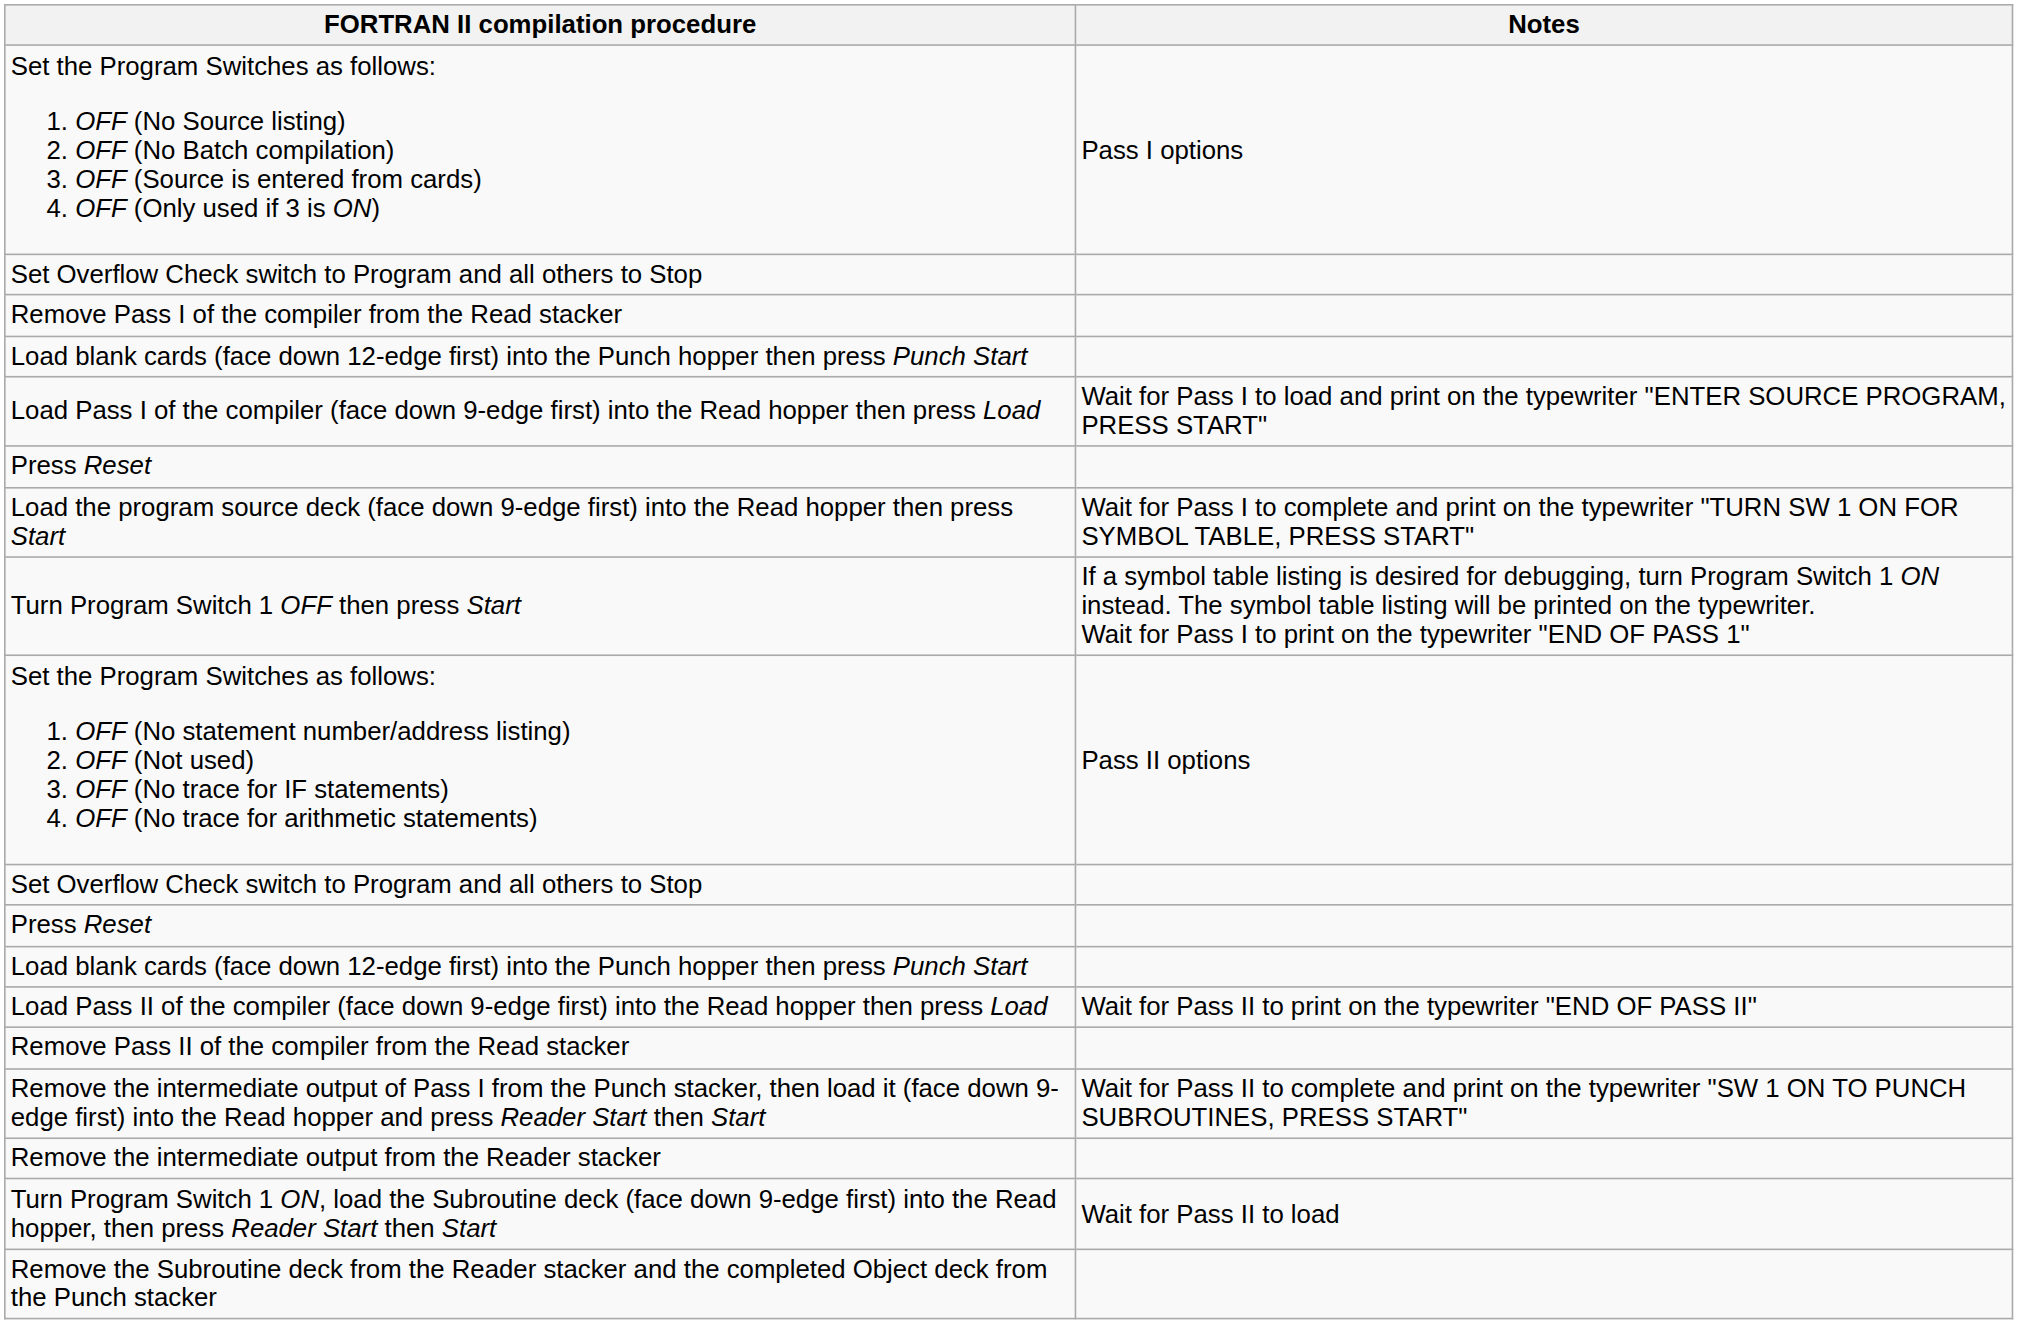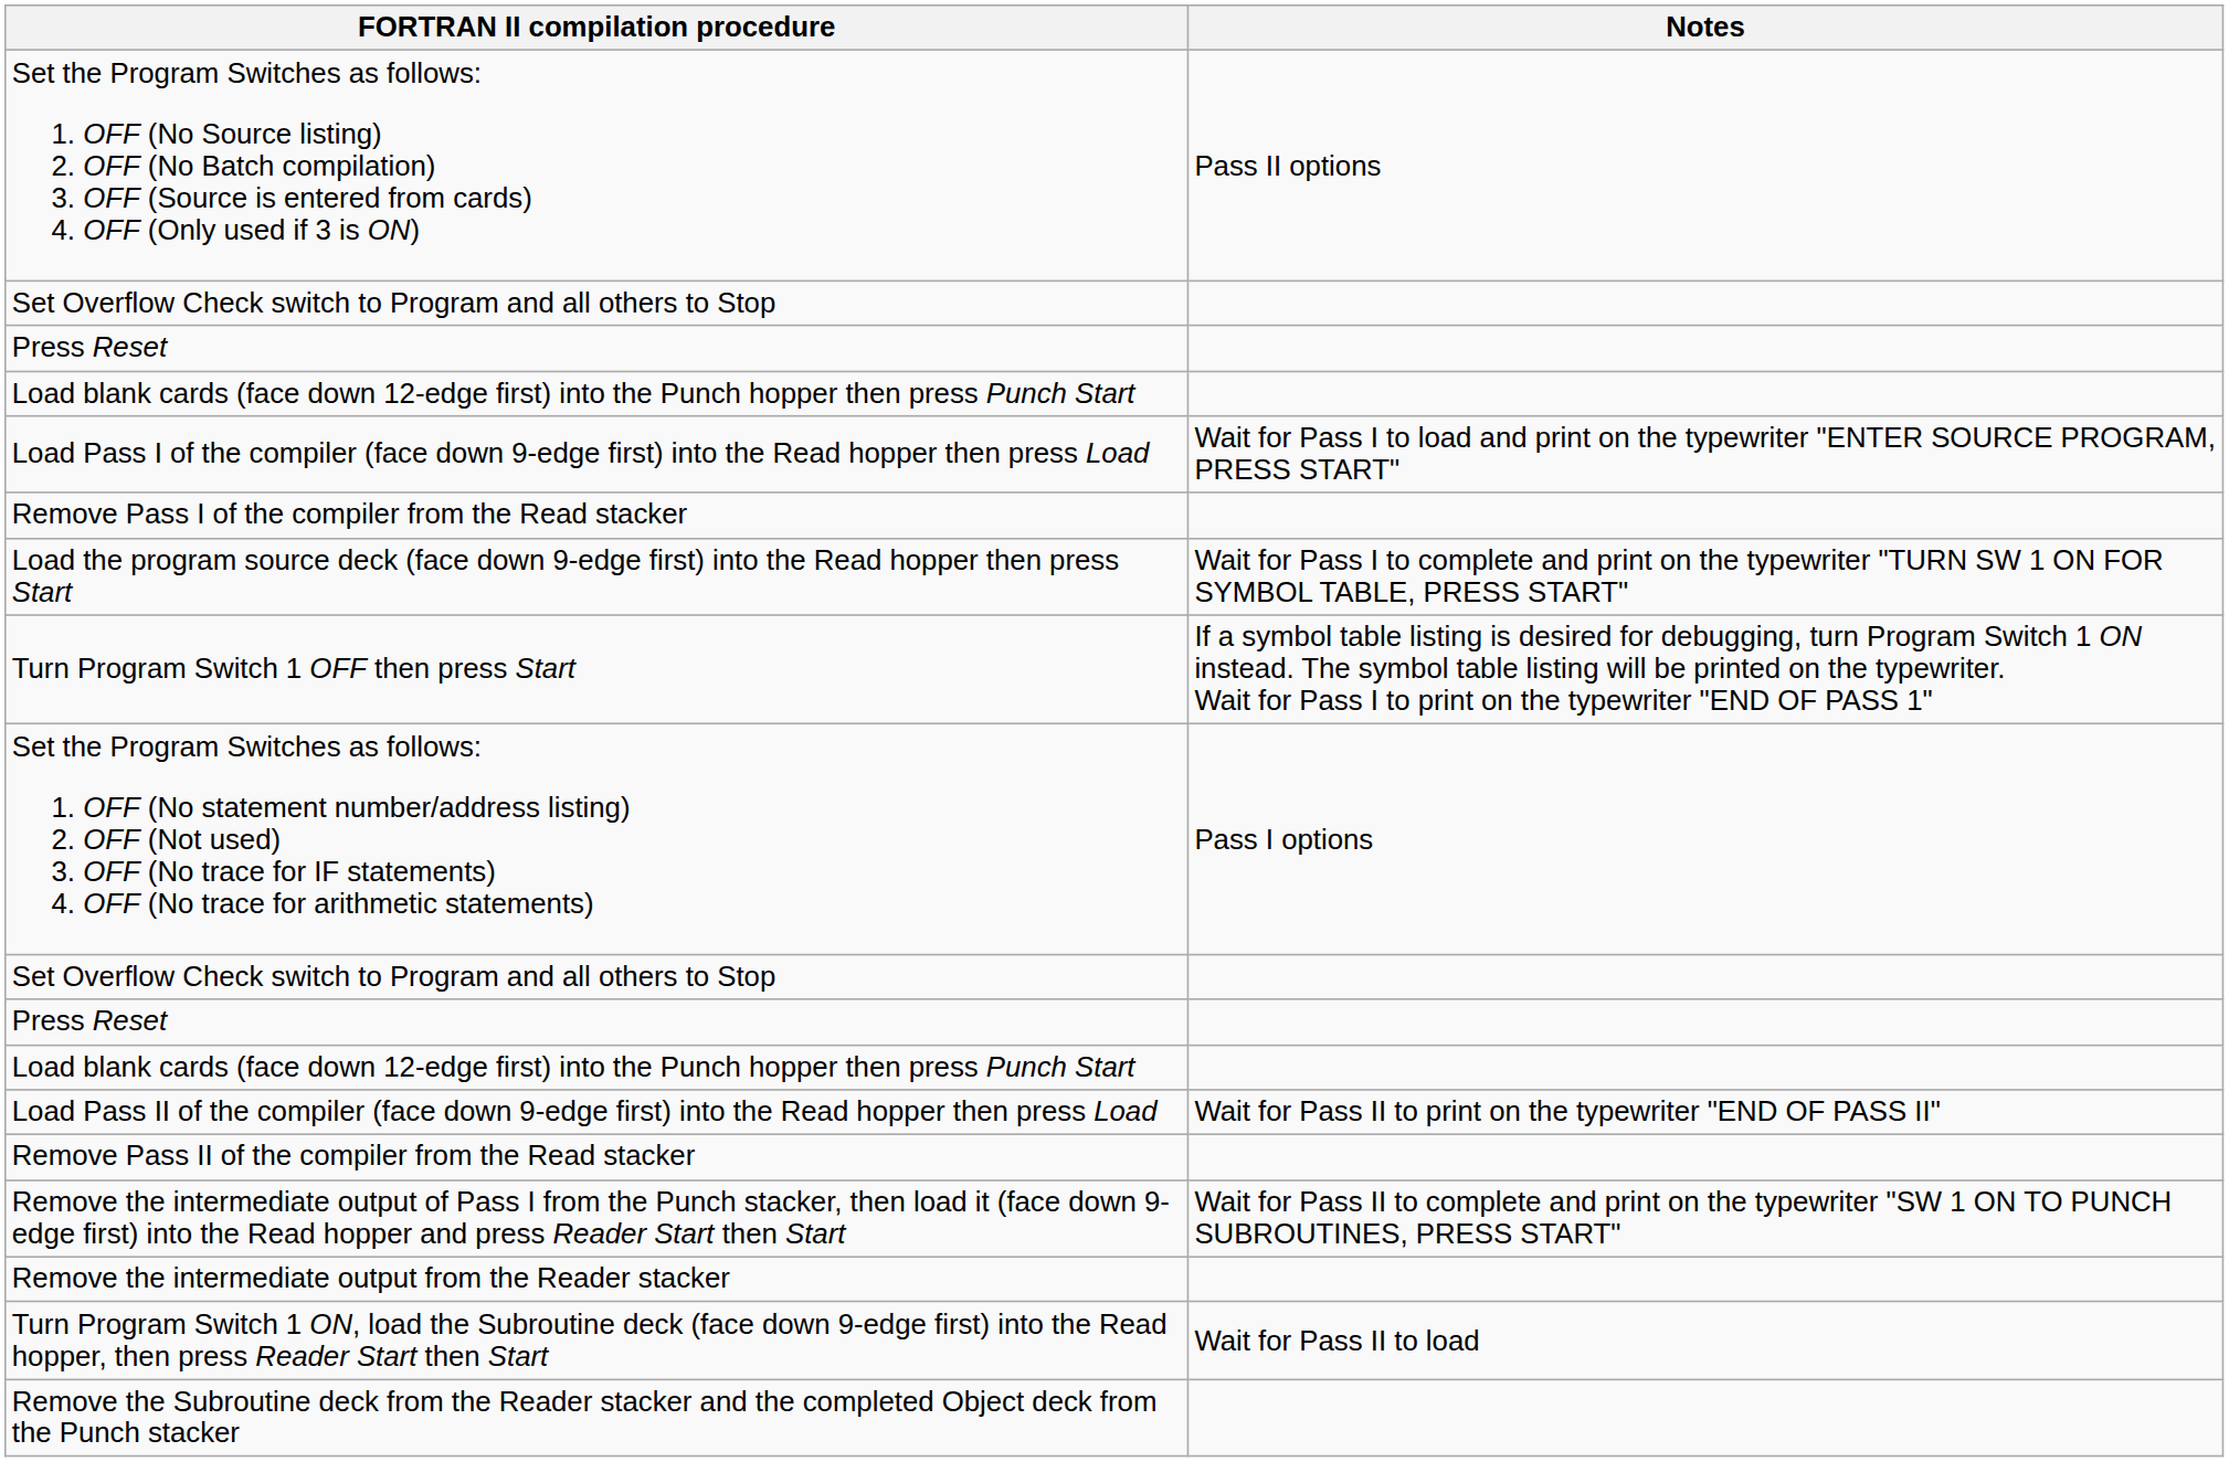 <table class="wikitable">
 <tr>
 <th>FORTRAN II compilation procedure</th>
 <th>Notes</th>
 </tr>
 <tr>
 <td>Set the Program Switches as follows:<br><ol><li><em>OFF</em> (No Source listing)</li><li><em>OFF</em> (No Batch compilation)</li><li><em>OFF</em> (Source is entered from cards)</li><li><em>OFF</em> (Only used if 3 is <em>ON</em>)</li></ol></td>
-<td>Pass I options</td>
+<td>Pass II options</td>
 </tr>
 <tr>
 <td>Set Overflow Check switch to Program and all others to Stop</td>
 <td></td>
 </tr>
 <tr>
-<td>Remove Pass I of the compiler from the Read stacker</td>
+<td>Press <em>Reset</em></td>
 <td></td>
 </tr>
 <tr>
 <td>Load blank cards (face down 12-edge first) into the Punch hopper then press <em>Punch Start</em></td>
 <td></td>
 </tr>
 <tr>
 <td>Load Pass I of the compiler (face down 9-edge first) into the Read hopper then press <em>Load</em></td>
 <td>Wait for Pass I to load and print on the typewriter "ENTER SOURCE PROGRAM, PRESS START"</td>
 </tr>
 <tr>
-<td>Press <em>Reset</em></td>
+<td>Remove Pass I of the compiler from the Read stacker</td>
 <td></td>
 </tr>
 <tr>
 <td>Load the program source deck (face down 9-edge first) into the Read hopper then press <em>Start</em></td>
 <td>Wait for Pass I to complete and print on the typewriter "TURN SW 1 ON FOR SYMBOL TABLE, PRESS START"</td>
 </tr>
 <tr>
 <td>Turn Program Switch 1 <em>OFF</em> then press <em>Start</em></td>
 <td>If a symbol table listing is desired for debugging, turn Program Switch 1 <em>ON</em> instead. The symbol table listing will be printed on the typewriter.<br>Wait for Pass I to print on the typewriter "END OF PASS 1"</td>
 </tr>
 <tr>
 <td>Set the Program Switches as follows:<br><ol><li><em>OFF</em> (No statement number/address listing)</li><li><em>OFF</em> (Not used)</li><li><em>OFF</em> (No trace for IF statements)</li><li><em>OFF</em> (No trace for arithmetic statements)</li></ol></td>
-<td>Pass II options</td>
+<td>Pass I options</td>
 </tr>
 <tr>
 <td>Set Overflow Check switch to Program and all others to Stop</td>
 <td></td>
 </tr>
 <tr>
 <td>Press <em>Reset</em></td>
 <td></td>
 </tr>
 <tr>
 <td>Load blank cards (face down 12-edge first) into the Punch hopper then press <em>Punch Start</em></td>
 <td></td>
 </tr>
 <tr>
 <td>Load Pass II of the compiler (face down 9-edge first) into the Read hopper then press <em>Load</em></td>
 <td>Wait for Pass II to print on the typewriter "END OF PASS II"</td>
 </tr>
 <tr>
 <td>Remove Pass II of the compiler from the Read stacker</td>
 <td></td>
 </tr>
 <tr>
 <td>Remove the intermediate output of Pass I from the Punch stacker, then load it (face down 9-edge first) into the Read hopper and press <em>Reader Start</em> then <em>Start</em></td>
 <td>Wait for Pass II to complete and print on the typewriter "SW 1 ON TO PUNCH SUBROUTINES, PRESS START"</td>
 </tr>
 <tr>
 <td>Remove the intermediate output from the Reader stacker</td>
 <td></td>
 </tr>
 <tr>
 <td>Turn Program Switch 1 <em>ON</em>, load the Subroutine deck (face down 9-edge first) into the Read hopper, then press <em>Reader Start</em> then <em>Start</em></td>
 <td>Wait for Pass II to load</td>
 </tr>
 <tr>
 <td>Remove the Subroutine deck from the Reader stacker and the completed Object deck from the Punch stacker</td>
 <td></td>
 </tr>
 </table>
